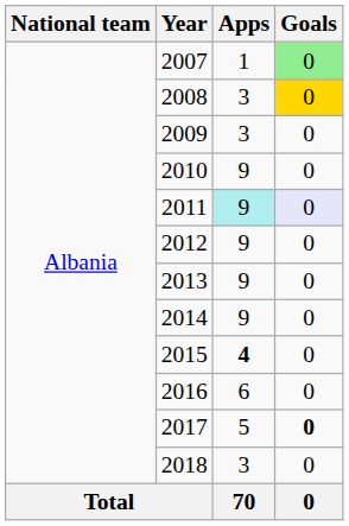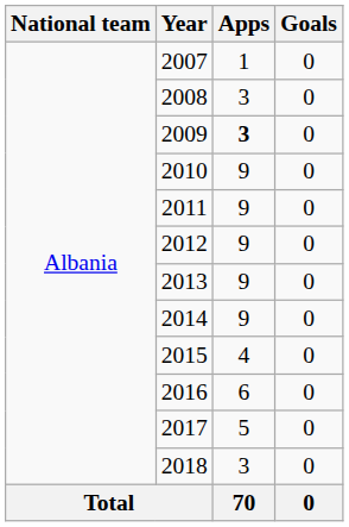 <table class="wikitable" style="text-align:center">
 <tr>
 <th>National team</th>
 <th>Year</th>
 <th>Apps</th>
 <th>Goals</th>
 </tr>
 <tr>
 <td rowspan="12"><a href='#'>Albania</a></td>
 <td>2007</td>
 <td>1</td>
-<td style="background: lightgreen;">0</td>
+<td>0</td>
 </tr>
 <tr>
 <td>2008</td>
 <td>3</td>
-<td style="background: gold;">0</td>
+<td>0</td>
 </tr>
 <tr>
 <td>2009</td>
-<td>3</td>
+<td><strong>3</strong></td>
 <td>0</td>
 </tr>
 <tr>
 <td>2010</td>
 <td>9</td>
 <td>0</td>
 </tr>
 <tr>
 <td>2011</td>
-<td style="background: paleturquoise;">9</td>
-<td style="background: lavender;">0</td>
+<td>9</td>
+<td>0</td>
 </tr>
 <tr>
 <td>2012</td>
 <td>9</td>
 <td>0</td>
 </tr>
 <tr>
 <td>2013</td>
 <td>9</td>
 <td>0</td>
 </tr>
 <tr>
 <td>2014</td>
 <td>9</td>
 <td>0</td>
 </tr>
 <tr>
 <td>2015</td>
-<td><strong>4</strong></td>
+<td>4</td>
 <td>0</td>
 </tr>
 <tr>
 <td>2016</td>
 <td>6</td>
 <td>0</td>
 </tr>
 <tr>
 <td>2017</td>
 <td>5</td>
-<td><strong>0</strong></td>
+<td>0</td>
 </tr>
 <tr>
 <td>2018</td>
 <td>3</td>
 <td>0</td>
 </tr>
 <tr>
 <th colspan="2">Total</th>
 <th>70</th>
 <th>0</th>
 </tr>
 </table>
